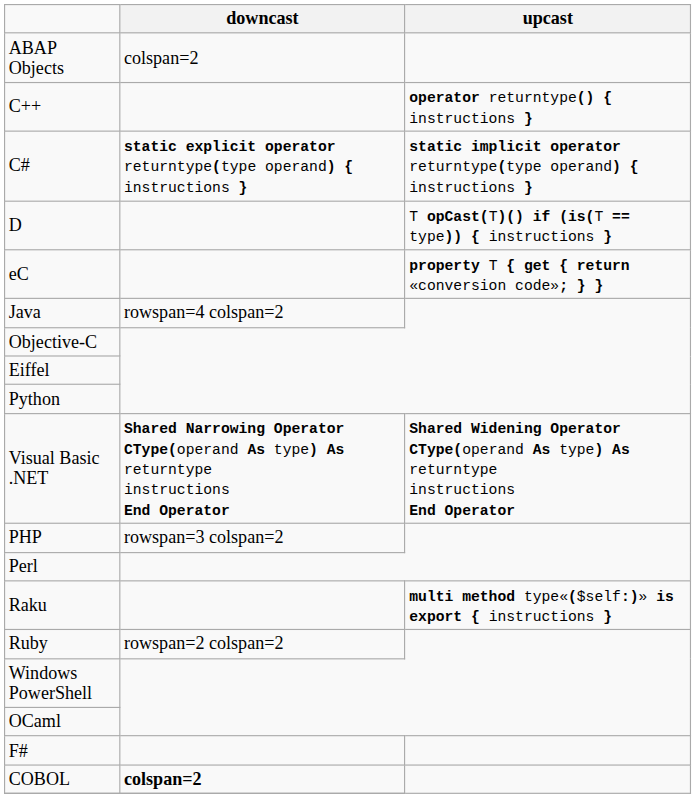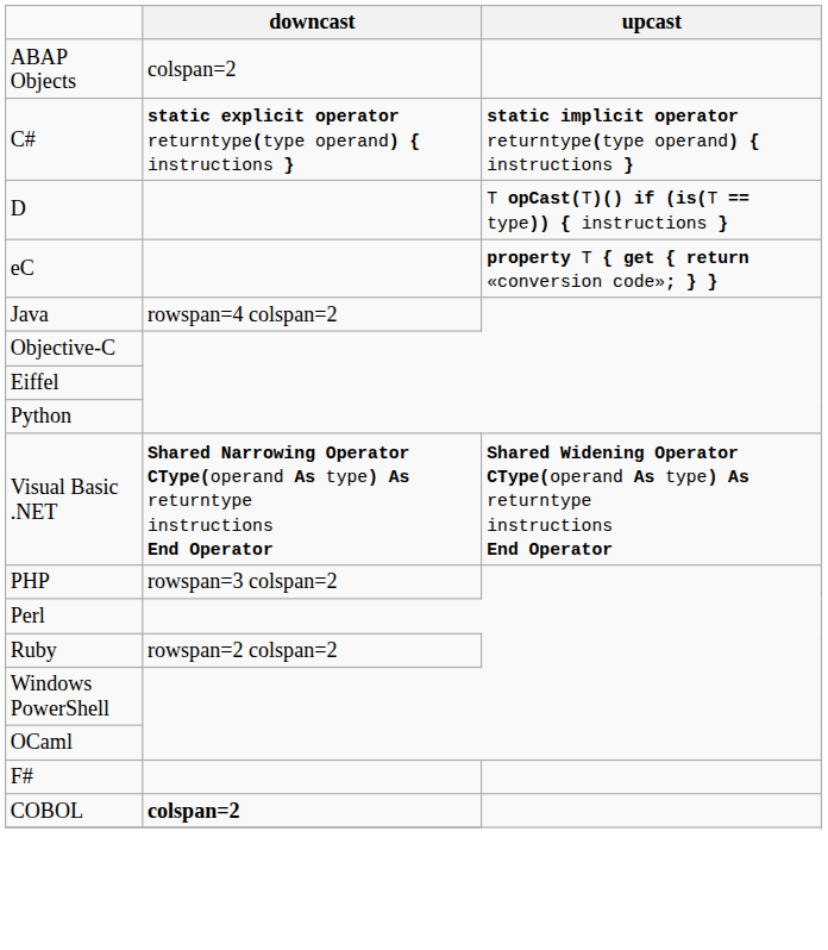 <table class="wikitable">
 <tr>
 <td></td>
 <th>downcast</th>
 <th>upcast</th>
 </tr>
 <tr>
 <td>ABAP Objects</td>
 <td>colspan=2 </td>
-</tr>
-<tr>
-<td>C++</td>
-<td></td>
-<td><code><strong>operator </strong>returntype<strong>() { </strong>instructions<strong> }</strong></code></td>
 </tr>
 <tr>
 <td>C#</td>
 <td><code><strong>static explicit operator </strong>returntype<strong>(</strong>type operand<strong>) { </strong>instructions<strong> }</strong></code></td>
 <td><code><strong>static implicit operator </strong>returntype<strong>(</strong>type operand<strong>) { </strong>instructions<strong> }</strong></code></td>
 </tr>
 <tr>
 <td>D</td>
 <td></td>
 <td><code>T <strong>opCast(</strong>T<strong>)() if (is(</strong>T<strong> == </strong>type<strong>)) { </strong>instructions<strong> }</strong></code></td>
 </tr>
 <tr>
 <td>eC</td>
 <td></td>
 <td><code><strong>property</strong> T <strong>{ get { return</strong> «conversion code»<strong>; } }</strong></code></td>
 </tr>
 <tr>
 <td>Java</td>
 <td>rowspan=4 colspan=2 </td>
 </tr>
 <tr>
 <td>Objective-C</td>
 </tr>
 <tr>
 <td>Eiffel</td>
 </tr>
 <tr>
 <td>Python</td>
 </tr>
 <tr>
 <td>Visual Basic .NET</td>
 <td><code><strong>Shared Narrowing Operator CType(</strong>operand<strong> As </strong>type<strong>) As </strong>returntype<strong> <br> </strong>instructions <strong> <br> End Operator</strong> </code></td>
 <td><code><strong>Shared Widening Operator CType(</strong>operand<strong> As </strong>type<strong>) As </strong>returntype<strong> <br> </strong>instructions <strong> <br> End Operator</strong></code></td>
 </tr>
 <tr>
 <td>PHP</td>
 <td>rowspan=3 colspan=2 </td>
 </tr>
 <tr>
 <td>Perl</td>
 </tr>
 <tr>
-<td>Raku</td>
-<td></td>
-<td><code><strong>multi method </strong>type«<strong>(</strong>$self<strong>:)</strong>» <strong>is export {</strong> instructions <strong>}</strong></code></td>
-</tr>
-<tr>
 <td>Ruby</td>
 <td>rowspan=2 colspan=2 </td>
 </tr>
 <tr>
 <td>Windows PowerShell</td>
 </tr>
 <tr>
 <td>OCaml</td>
 </tr>
 <tr>
 <td>F#</td>
 <td></td>
 <td></td>
 </tr>
 <tr>
 <td>COBOL</td>
 <td><strong>colspan=2 </strong></td>
 </tr>
 <tr>
 </tr>
 </table>
